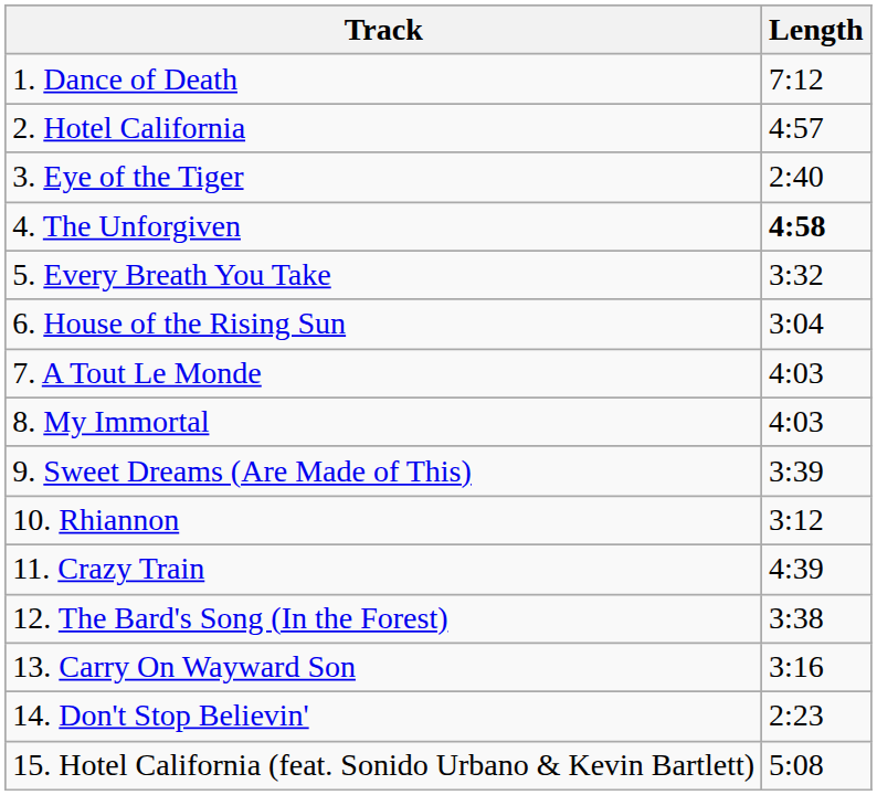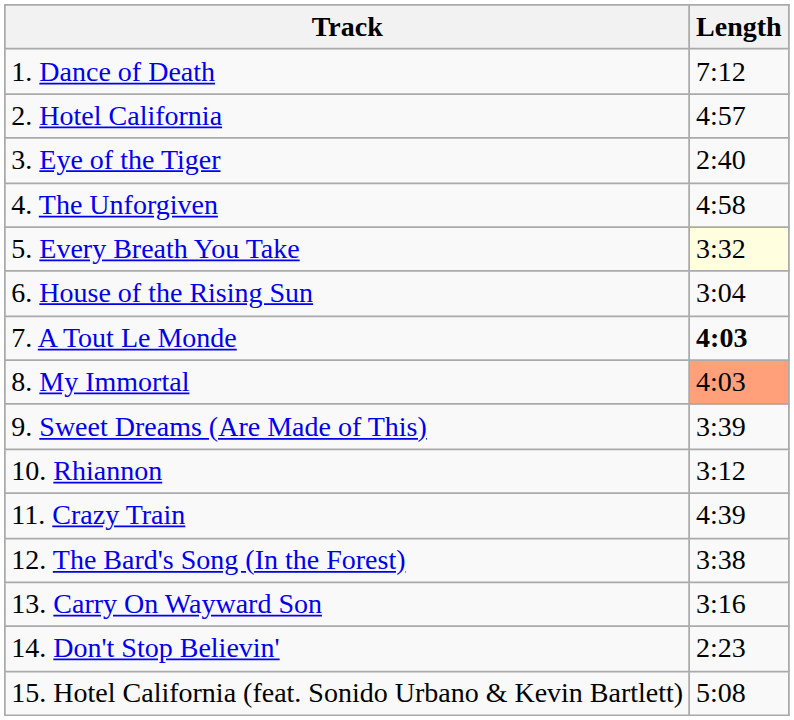 <table class="wikitable sortable">
 <tr>
 <th>Track</th>
 <th>Length</th>
 </tr>
 <tr>
 <td>1. <a href='#'>Dance of Death</a></td>
 <td>7:12</td>
 </tr>
 <tr>
 <td>2. <a href='#'>Hotel California</a></td>
 <td>4:57</td>
 </tr>
 <tr>
 <td>3. <a href='#'>Eye of the Tiger</a></td>
 <td>2:40</td>
 </tr>
 <tr>
 <td>4. <a href='#'>The Unforgiven</a></td>
-<td><strong>4:58</strong></td>
+<td>4:58</td>
 </tr>
 <tr>
 <td>5. <a href='#'>Every Breath You Take</a></td>
-<td>3:32</td>
+<td style="background: lightyellow;">3:32</td>
 </tr>
 <tr>
 <td>6. <a href='#'>House of the Rising Sun</a></td>
 <td>3:04</td>
 </tr>
 <tr>
 <td>7. <a href='#'>A Tout Le Monde</a></td>
-<td>4:03</td>
+<td><strong>4:03</strong></td>
 </tr>
 <tr>
 <td>8. <a href='#'>My Immortal</a></td>
-<td>4:03</td>
+<td style="background: lightsalmon;">4:03</td>
 </tr>
 <tr>
 <td>9. <a href='#'>Sweet Dreams (Are Made of This)</a></td>
 <td>3:39</td>
 </tr>
 <tr>
 <td>10. <a href='#'>Rhiannon</a></td>
 <td>3:12</td>
 </tr>
 <tr>
 <td>11. <a href='#'>Crazy Train</a></td>
 <td>4:39</td>
 </tr>
 <tr>
 <td>12. <a href='#'>The Bard's Song (In the Forest)</a></td>
 <td>3:38</td>
 </tr>
 <tr>
 <td>13. <a href='#'>Carry On Wayward Son</a></td>
 <td>3:16</td>
 </tr>
 <tr>
 <td>14. <a href='#'>Don't Stop Believin'</a></td>
 <td>2:23</td>
 </tr>
 <tr>
 <td>15. Hotel California (feat. Sonido Urbano & Kevin Bartlett)</td>
 <td>5:08</td>
 </tr>
 </table>
